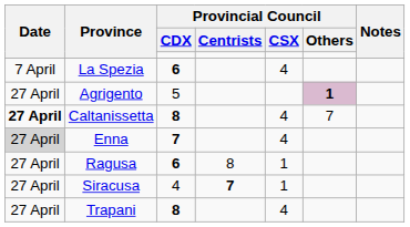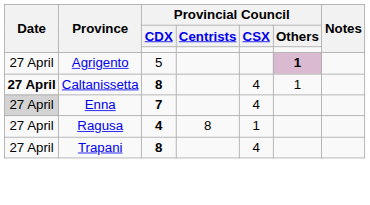 <table class="wikitable" style="text-align:center">
 <tr>
 <th rowspan="3">Date</th>
 <th rowspan="3"><strong>Province</strong></th>
 <th colspan="4"><strong>Provincial Council</strong></th>
 <th rowspan="3">Notes</th>
 </tr>
 <tr>
 <th><a href='#'>CDX</a></th>
 <th><a href='#'>Centrists</a></th>
 <th><a href='#'>CSX</a></th>
 <th>Others</th>
 </tr>
 <tr>
 <td></td>
 <td></td>
 <td></td>
 <td></td>
 </tr>
 <tr>
-<td>7 April</td>
-<td><a href='#'>La Spezia</a></td>
-<td><strong>6</strong></td>
-<td></td>
-<td>4</td>
-<td></td>
-<td></td>
-</tr>
-<tr>
 <td>27 April</td>
 <td><a href='#'>Agrigento</a></td>
 <td>5</td>
 <td></td>
 <td></td>
 <td bgcolor="#DABAD0"><strong>1</strong></td>
 <td></td>
 </tr>
 <tr>
 <td><strong>27 April</strong></td>
 <td><a href='#'>Caltanissetta</a></td>
 <td><strong>8</strong></td>
 <td></td>
 <td>4</td>
-<td>7</td>
+<td>1</td>
 <td></td>
 </tr>
 <tr>
 <td style="background: lightgrey;">27 April</td>
 <td><a href='#'>Enna</a></td>
 <td><strong>7</strong></td>
 <td></td>
 <td>4</td>
 <td></td>
 <td></td>
 </tr>
 <tr>
 <td>27 April</td>
 <td><a href='#'>Ragusa</a></td>
-<td><strong>6</strong></td>
+<td><strong>4</strong></td>
 <td>8</td>
-<td>1</td>
-<td></td>
-<td></td>
-</tr>
-<tr>
-<td>27 April</td>
-<td><a href='#'>Siracusa</a></td>
-<td>4</td>
-<td><strong>7</strong></td>
 <td>1</td>
 <td></td>
 <td></td>
 </tr>
 <tr>
 <td>27 April</td>
 <td><a href='#'>Trapani</a></td>
 <td><strong>8</strong></td>
 <td></td>
 <td>4</td>
 <td></td>
 <td></td>
 </tr>
 </table>
